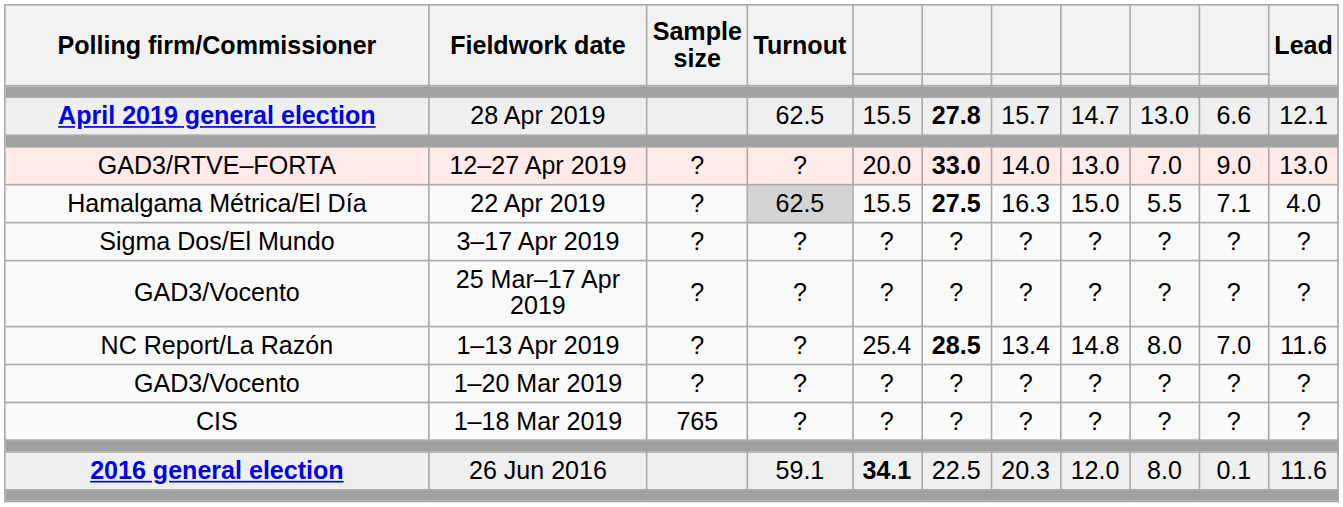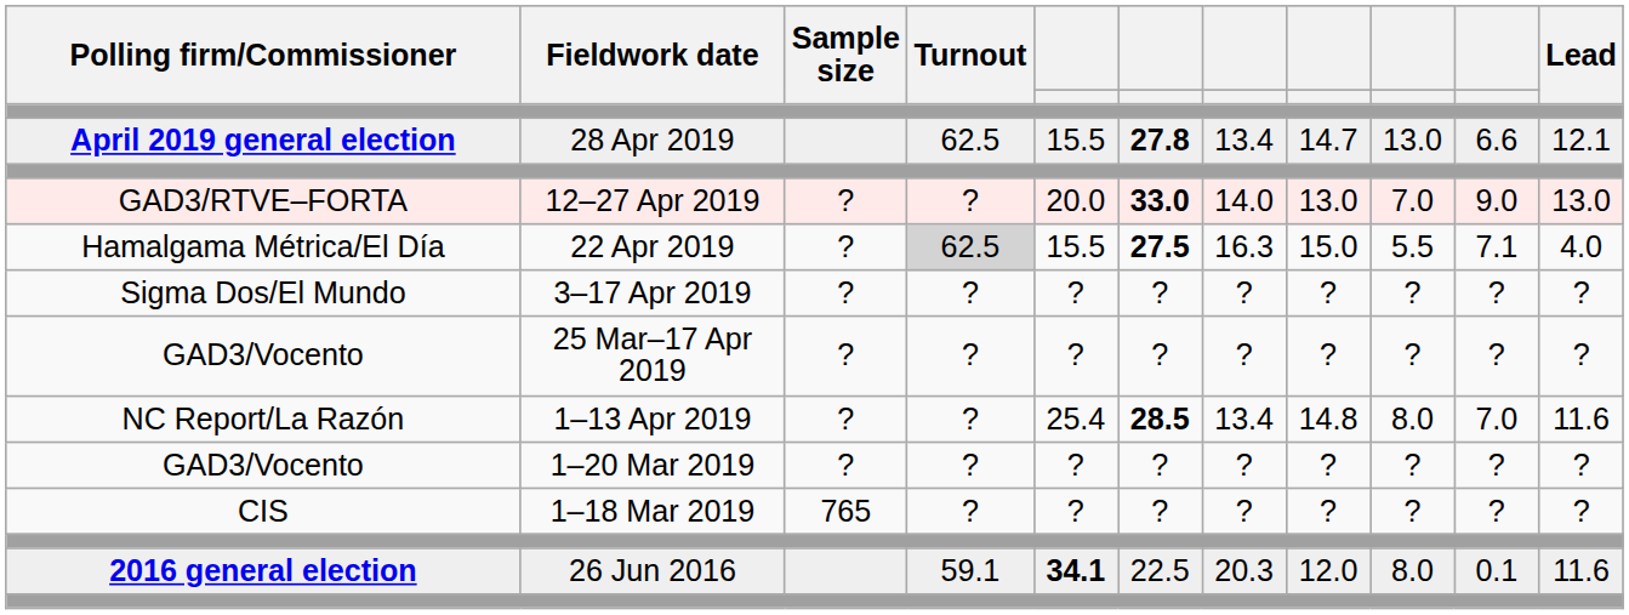 <table class="wikitable collapsible collapsed" style="text-align:center; font-size:95%; line-height:16px;">
 <tr style="height:42px;">
 <th style="width:250px;" rowspan="2">Polling firm/Commissioner</th>
 <th style="width:125px;" rowspan="2">Fieldwork date</th>
 <th style="width:50px;" rowspan="2">Sample size</th>
 <th style="width:45px;" rowspan="2">Turnout</th>
 <th style="width:35px;"></th>
 <th style="width:35px;"></th>
 <th style="width:35px;"></th>
 <th style="width:35px;"></th>
 <th style="width:35px;"></th>
 <th style="width:35px;"></th>
 <th style="width:30px;" rowspan="2">Lead</th>
 </tr>
 <tr>
 <th style="color:inherit;background:"></th>
 <th style="color:inherit;background:"></th>
 <th style="color:inherit;background:"></th>
 <th style="color:inherit;background:"></th>
 <th style="color:inherit;background:"></th>
 <th style="color:inherit;background:"></th>
 </tr>
 <tr>
 <td colspan="11" style="background:#A0A0A0"></td>
 </tr>
 <tr style="background:#EFEFEF;">
 <td><strong><a href='#'>April 2019 general election</a></strong></td>
 <td>28 Apr 2019</td>
 <td></td>
 <td>62.5</td>
 <td>15.5<br></td>
 <td><strong>27.8</strong><br></td>
-<td>15.7<br></td>
+<td>13.4<br></td>
 <td>14.7<br></td>
 <td>13.0<br></td>
 <td>6.6<br></td>
 <td style="background:">12.1</td>
 </tr>
 <tr>
 <td colspan="11" style="background:#A0A0A0"></td>
 </tr>
 <tr style="background:#FFEAEA;">
 <td>GAD3/RTVE–FORTA</td>
 <td>12–27 Apr 2019</td>
 <td>?</td>
 <td>?</td>
 <td>20.0<br></td>
 <td><strong>33.0</strong><br></td>
 <td>14.0<br></td>
 <td>13.0<br></td>
 <td>7.0<br></td>
 <td>9.0<br></td>
 <td style="background:">13.0</td>
 </tr>
 <tr>
 <td>Hamalgama Métrica/El Día</td>
 <td>22 Apr 2019</td>
 <td>?</td>
 <td style="background: lightgrey;">62.5</td>
 <td>15.5<br></td>
 <td><strong>27.5</strong><br></td>
 <td>16.3<br></td>
 <td>15.0<br></td>
 <td>5.5<br></td>
 <td>7.1<br></td>
 <td style="background:">4.0</td>
 </tr>
 <tr>
 <td>Sigma Dos/El Mundo</td>
 <td>3–17 Apr 2019</td>
 <td>?</td>
 <td>?</td>
 <td>?<br></td>
 <td>?<br></td>
 <td>?<br></td>
 <td>?<br></td>
 <td>?<br></td>
 <td>?<br></td>
 <td style="background:">?</td>
 </tr>
 <tr>
 <td>GAD3/Vocento</td>
 <td>25 Mar–17 Apr 2019</td>
 <td>?</td>
 <td>?</td>
 <td>?<br></td>
 <td>?<br></td>
 <td>?<br></td>
 <td>?<br></td>
 <td>?<br></td>
 <td>?<br></td>
 <td style="background:">?</td>
 </tr>
 <tr>
 <td>NC Report/La Razón</td>
 <td>1–13 Apr 2019</td>
 <td>?</td>
 <td>?</td>
 <td>25.4<br></td>
 <td><strong>28.5</strong><br></td>
 <td>13.4<br></td>
 <td>14.8<br></td>
 <td>8.0<br></td>
 <td>7.0<br></td>
 <td style="background:">11.6</td>
 </tr>
 <tr>
 <td>GAD3/Vocento</td>
 <td>1–20 Mar 2019</td>
 <td>?</td>
 <td>?</td>
 <td>?<br></td>
 <td>?<br></td>
 <td>?<br></td>
 <td>?<br></td>
 <td>?<br></td>
 <td>?<br></td>
 <td style="background:">?</td>
 </tr>
 <tr>
 <td>CIS</td>
 <td>1–18 Mar 2019</td>
 <td>765</td>
 <td>?</td>
 <td>?<br></td>
 <td>?<br></td>
 <td>?<br></td>
 <td>?<br></td>
 <td>?<br></td>
 <td>?<br></td>
 <td style="background:">?</td>
 </tr>
 <tr>
 <td colspan="11" style="background:#A0A0A0"></td>
 </tr>
 <tr style="background:#EFEFEF;">
 <td><strong><a href='#'>2016 general election</a></strong></td>
 <td>26 Jun 2016</td>
 <td></td>
 <td>59.1</td>
 <td><strong>34.1</strong><br></td>
 <td>22.5<br></td>
 <td>20.3<br></td>
 <td>12.0<br></td>
 <td>8.0<br></td>
 <td>0.1<br></td>
 <td style="background:">11.6</td>
 </tr>
 <tr>
 <td colspan="11" style="background:#A0A0A0"></td>
 </tr>
 </table>
